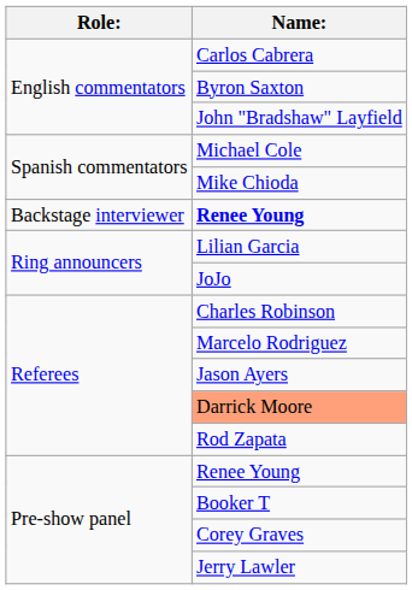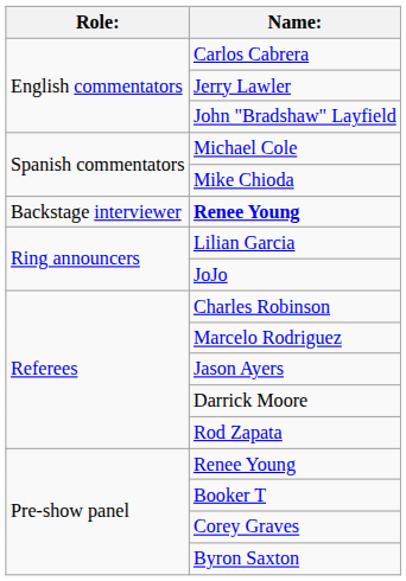 <table class=wikitable style="font-size:90%; margin: 0.5em 0 0.5em 1em; float: right; clear: right;">
 <tr>
 <th>Role:</th>
 <th>Name:</th>
 </tr>
 <tr>
 <td rowspan=3>English <a href='#'>commentators</a></td>
 <td><a href='#'>Carlos Cabrera</a></td>
 </tr>
 <tr>
-<td><a href='#'>Byron Saxton</a></td>
+<td><a href='#'>Jerry Lawler</a></td>
 </tr>
 <tr>
 <td><a href='#'>John "Bradshaw" Layfield</a></td>
 </tr>
 <tr>
 <td rowspan=2>Spanish commentators</td>
 <td><a href='#'>Michael Cole</a></td>
 </tr>
 <tr>
 <td><a href='#'>Mike Chioda</a></td>
 </tr>
 <tr>
 <td>Backstage <a href='#'>interviewer</a></td>
 <td><strong><a href='#'>Renee Young</a></strong></td>
 </tr>
 <tr>
 <td rowspan=2><a href='#'>Ring announcers</a></td>
 <td><a href='#'>Lilian Garcia</a></td>
 </tr>
 <tr>
 <td><a href='#'>JoJo</a></td>
 </tr>
 <tr>
 <td rowspan=5><a href='#'>Referees</a></td>
 <td><a href='#'>Charles Robinson</a></td>
 </tr>
 <tr>
 <td><a href='#'>Marcelo Rodriguez</a></td>
 </tr>
 <tr>
 <td><a href='#'>Jason Ayers</a></td>
 </tr>
 <tr>
-<td style="background: lightsalmon;">Darrick Moore</td>
+<td>Darrick Moore</td>
 </tr>
 <tr>
 <td><a href='#'>Rod Zapata</a></td>
 </tr>
 <tr>
 <td rowspan=4>Pre-show panel</td>
 <td><a href='#'>Renee Young</a></td>
 </tr>
 <tr>
 <td><a href='#'>Booker T</a></td>
 </tr>
 <tr>
 <td><a href='#'>Corey Graves</a></td>
 </tr>
 <tr>
-<td><a href='#'>Jerry Lawler</a></td>
+<td><a href='#'>Byron Saxton</a></td>
 </tr>
 </table>
